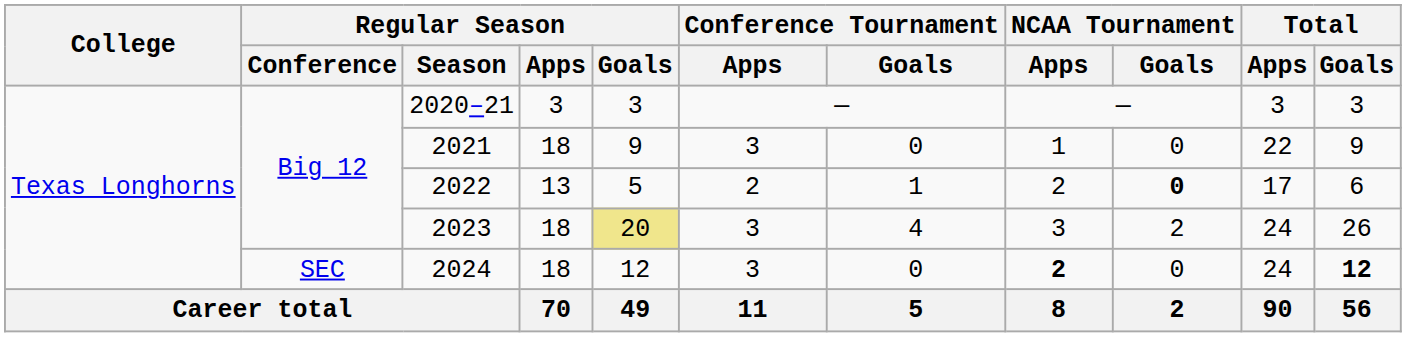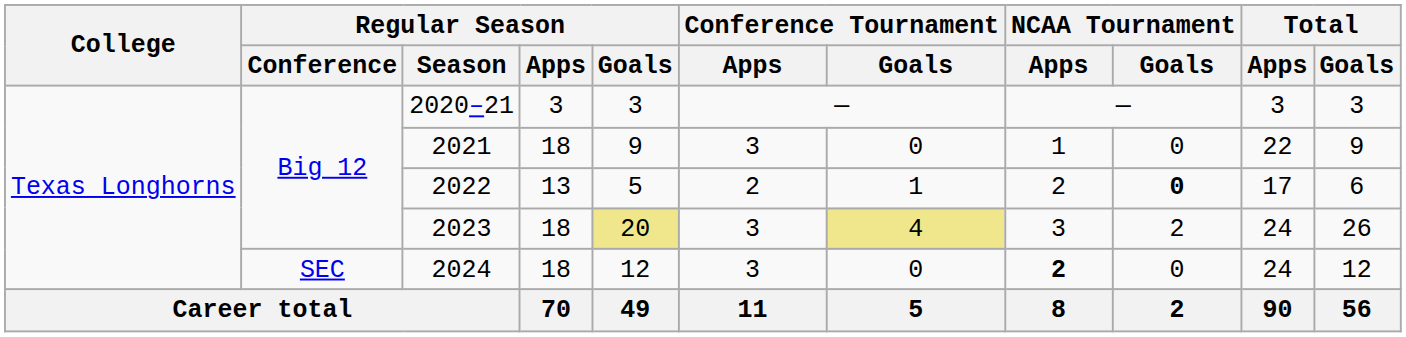 <table class="wikitable" style="text-align: center;">
 <tr>
 <th rowspan="2">College</th>
 <th colspan="4">Regular Season</th>
 <th colspan="2">Conference Tournament</th>
 <th colspan="2">NCAA Tournament</th>
 <th colspan="2">Total</th>
 </tr>
 <tr>
 <th>Conference</th>
 <th>Season</th>
 <th>Apps</th>
 <th>Goals</th>
 <th>Apps</th>
 <th>Goals</th>
 <th>Apps</th>
 <th>Goals</th>
 <th>Apps</th>
 <th>Goals</th>
 </tr>
 <tr>
 <td rowspan="5"><a href='#'>Texas Longhorns</a></td>
 <td rowspan="4"><a href='#'>Big 12</a></td>
 <td>2020<a href='#'>–</a>21</td>
 <td>3</td>
 <td>3</td>
 <td colspan="2">—</td>
 <td colspan="2">—</td>
 <td>3</td>
 <td>3</td>
 </tr>
 <tr>
 <td>2021</td>
 <td>18</td>
 <td>9</td>
 <td>3</td>
 <td>0</td>
 <td>1</td>
 <td>0</td>
 <td>22</td>
 <td>9</td>
 </tr>
 <tr>
 <td>2022</td>
 <td>13</td>
 <td>5</td>
 <td>2</td>
 <td>1</td>
 <td>2</td>
 <td><strong>0</strong></td>
 <td>17</td>
 <td>6</td>
 </tr>
 <tr>
 <td>2023</td>
 <td>18</td>
 <td style="background: khaki;">20</td>
 <td>3</td>
-<td>4</td>
+<td style="background: khaki;">4</td>
 <td>3</td>
 <td>2</td>
 <td>24</td>
 <td>26</td>
 </tr>
 <tr>
 <td><a href='#'>SEC</a></td>
 <td>2024</td>
 <td>18</td>
 <td>12</td>
 <td>3</td>
 <td>0</td>
 <td><strong>2</strong></td>
 <td>0</td>
 <td>24</td>
-<td><strong>12</strong></td>
+<td>12</td>
 </tr>
 <tr>
 <th colspan="3">Career total</th>
 <th>70</th>
 <th>49</th>
 <th>11</th>
 <th>5</th>
 <th>8</th>
 <th>2</th>
 <th>90</th>
 <th>56</th>
 </tr>
 </table>
